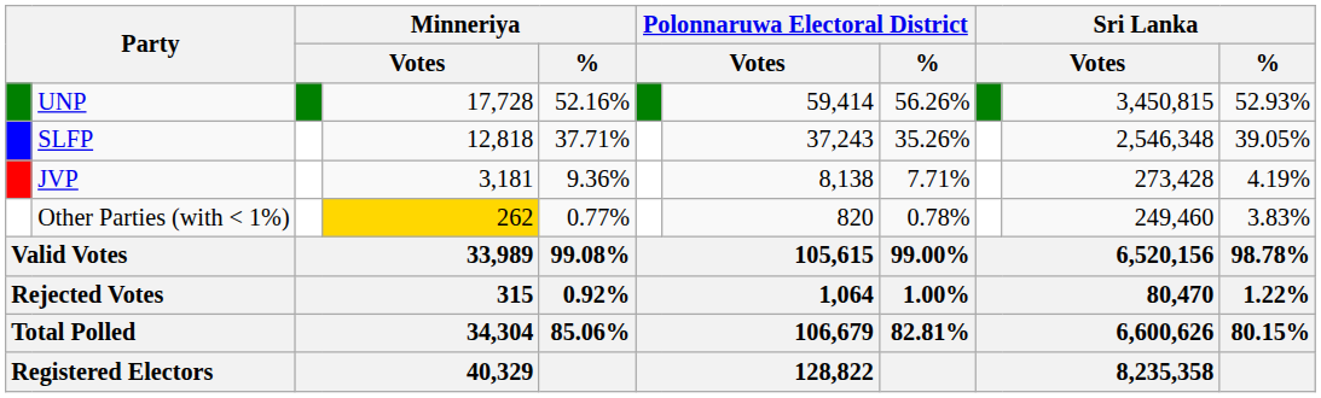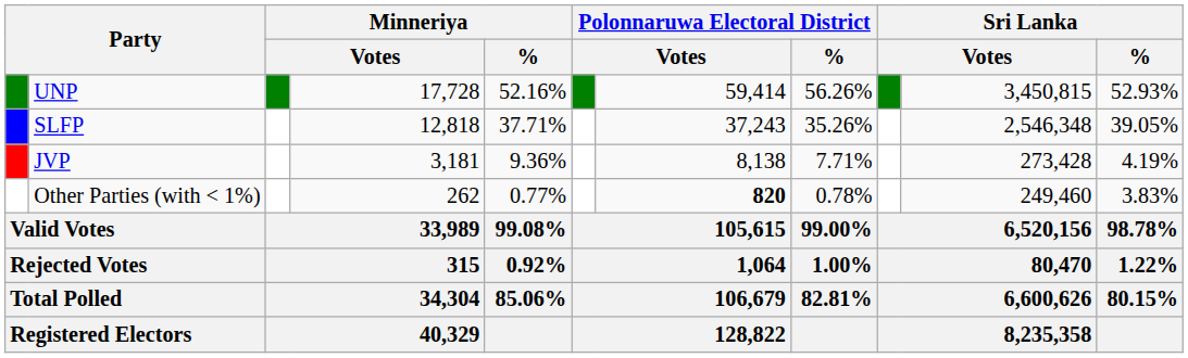 <table class="wikitable">
 <tr>
 <th colspan="2" width="144px"rowspan="2">Party</th>
 <th colspan="3" width="216px">Minneriya</th>
 <th colspan="3" width="216px"><a href='#'>Polonnaruwa Electoral District</a></th>
 <th colspan="3" width="216px">Sri Lanka</th>
 </tr>
 <tr>
 <th colspan="2" width="144px">Votes</th>
 <th>%</th>
 <th colspan="2" width="144px">Votes</th>
 <th>%</th>
 <th colspan="2" width="144px">Votes</th>
 <th>%</th>
 </tr>
 <tr>
 <td style="background-color:green;" width="10px"></td>
 <td style="text-align:left;"><a href='#'>UNP</a></td>
 <td style="background-color:green;" width="10px"></td>
 <td style="text-align:right;">17,728</td>
 <td style="text-align:right;">52.16%</td>
 <td style="background-color:green;" width="10px"></td>
 <td style="text-align:right;">59,414</td>
 <td style="text-align:right;">56.26%</td>
 <td style="background-color:green;" width="10px"></td>
 <td style="text-align:right;">3,450,815</td>
 <td style="text-align:right;">52.93%</td>
 </tr>
 <tr>
 <td style="background-color:blue;" width="10px"></td>
 <td style="text-align:left;"><a href='#'>SLFP</a></td>
 <td style="background-color:white;" width="10px"></td>
 <td style="text-align:right;">12,818</td>
 <td style="text-align:right;">37.71%</td>
 <td style="background-color:white;" width="10px"></td>
 <td style="text-align:right;">37,243</td>
 <td style="text-align:right;">35.26%</td>
 <td style="background-color:white;" width="10px"></td>
 <td style="text-align:right;">2,546,348</td>
 <td style="text-align:right;">39.05%</td>
 </tr>
 <tr>
 <td style="background-color:red;" width="10px"></td>
 <td style="text-align:left;"><a href='#'>JVP</a></td>
 <td style="background-color:white;" width="10px"></td>
 <td style="text-align:right;">3,181</td>
 <td style="text-align:right;">9.36%</td>
 <td style="background-color:white;" width="10px"></td>
 <td style="text-align:right;">8,138</td>
 <td style="text-align:right;">7.71%</td>
 <td style="background-color:white;" width="10px"></td>
 <td style="text-align:right;">273,428</td>
 <td style="text-align:right;">4.19%</td>
 </tr>
 <tr>
 <td style="background-color:white;" width="10px"></td>
 <td style="text-align:left;">Other Parties (with < 1%)</td>
 <td style="background-color:white;" width="10px"></td>
-<td style="background: gold; text-align:right;">262</td>
+<td style="text-align:right;">262</td>
 <td style="text-align:right;">0.77%</td>
 <td style="background-color:white;" width="10px"></td>
-<td style="text-align:right;">820</td>
+<td style="text-align:right;"><strong>820</strong></td>
 <td style="text-align:right;">0.78%</td>
 <td style="background-color:white;" width="10px"></td>
 <td style="text-align:right;">249,460</td>
 <td style="text-align:right;">3.83%</td>
 </tr>
 <tr>
 <th colspan="2" width="144px"style="text-align:left;">Valid Votes</th>
 <th style="text-align:right;"colspan="2" width="144px">33,989</th>
 <th style="text-align:right;">99.08%</th>
 <th style="text-align:right;"colspan="2" width="144px">105,615</th>
 <th style="text-align:right;">99.00%</th>
 <th style="text-align:right;"colspan="2" width="144px">6,520,156</th>
 <th style="text-align:right;">98.78%</th>
 </tr>
 <tr>
 <th colspan="2" width="144px"style="text-align:left;">Rejected Votes</th>
 <th style="text-align:right;"colspan="2" width="144px">315</th>
 <th style="text-align:right;">0.92%</th>
 <th style="text-align:right;"colspan="2" width="144px">1,064</th>
 <th style="text-align:right;">1.00%</th>
 <th style="text-align:right;"colspan="2" width="144px">80,470</th>
 <th style="text-align:right;">1.22%</th>
 </tr>
 <tr>
 <th colspan="2" width="144px"style="text-align:left;">Total Polled</th>
 <th style="text-align:right;"colspan="2" width="144px">34,304</th>
 <th style="text-align:right;">85.06%</th>
 <th style="text-align:right;"colspan="2" width="144px">106,679</th>
 <th style="text-align:right;">82.81%</th>
 <th style="text-align:right;"colspan="2" width="144px">6,600,626</th>
 <th style="text-align:right;">80.15%</th>
 </tr>
 <tr>
 <th colspan="2" width="144px"style="text-align:left;">Registered Electors</th>
 <th style="text-align:right;"colspan="2" width="144px">40,329</th>
 <th></th>
 <th style="text-align:right;"colspan="2" width="144px">128,822</th>
 <th></th>
 <th style="text-align:right;"colspan="2" width="144px">8,235,358</th>
 <th></th>
 </tr>
 </table>
